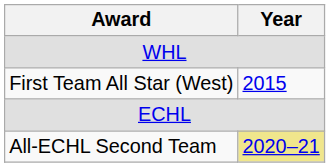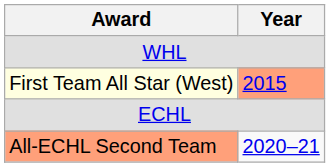 <table class="wikitable">
 <tr>
 <th>Award</th>
 <th>Year</th>
 </tr>
 <tr ALIGN="center" bgcolor="#e0e0e0">
 <td colspan="3"><a href='#'>WHL</a></td>
 </tr>
 <tr>
-<td>First Team All Star (West)</td>
-<td><a href='#'>2015</a></td>
+<td style="background: lightyellow;">First Team All Star (West)</td>
+<td style="background: lightsalmon;"><a href='#'>2015</a></td>
 </tr>
 <tr ALIGN="center" bgcolor="#e0e0e0">
 <td colspan="3"><a href='#'>ECHL</a></td>
 </tr>
 <tr>
-<td>All-ECHL Second Team</td>
-<td style="background: khaki;"><a href='#'>2020–21</a></td>
+<td style="background: lightsalmon;">All-ECHL Second Team</td>
+<td><a href='#'>2020–21</a></td>
 </tr>
 </table>
